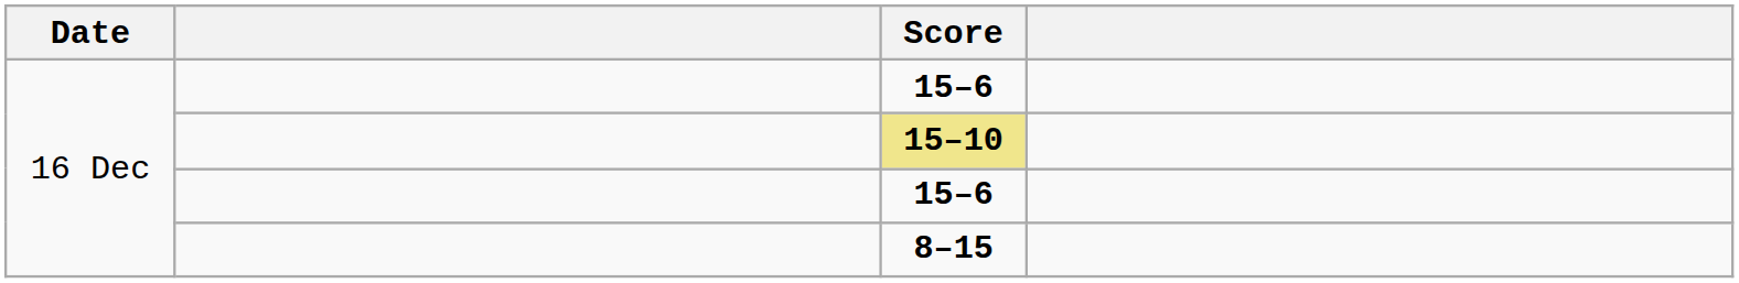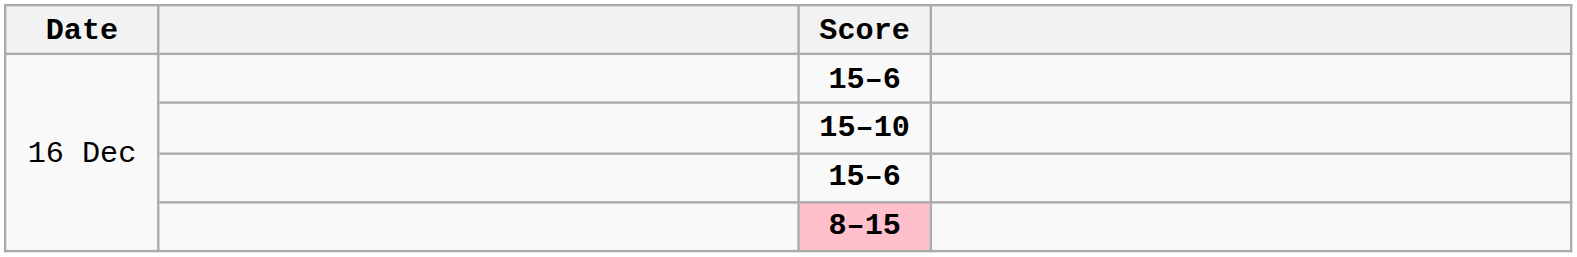 <table class="wikitable" style="text-align: center;">
 <tr>
 <th width="60">Date</th>
 <th align="right" width="270"></th>
 <th width="50">Score</th>
 <th align="left" width="270"></th>
 </tr>
 <tr>
 <td rowspan=4>16 Dec</td>
 <td align=left><strong></strong></td>
 <td align=center><strong>15–6</strong></td>
 <td align=left></td>
 </tr>
 <tr>
 <td align=left><strong></strong></td>
-<td align=center style="background: khaki;"><strong>15–10</strong></td>
+<td align=center><strong>15–10</strong></td>
 <td align=left></td>
 </tr>
 <tr>
 <td align=left><strong></strong></td>
 <td align=center><strong>15–6</strong></td>
 <td align=left></td>
 </tr>
 <tr>
 <td align=left></td>
-<td align=center><strong>8–15</strong></td>
+<td align=center style="background: pink;"><strong>8–15</strong></td>
 <td align=left><strong></strong></td>
 </tr>
 </table>
